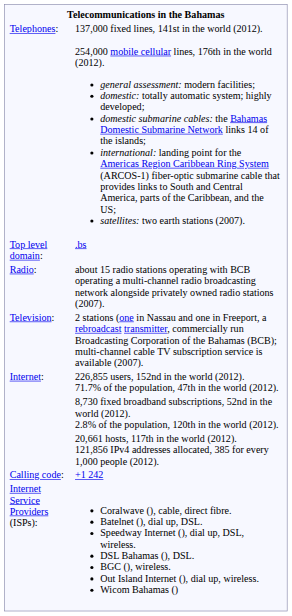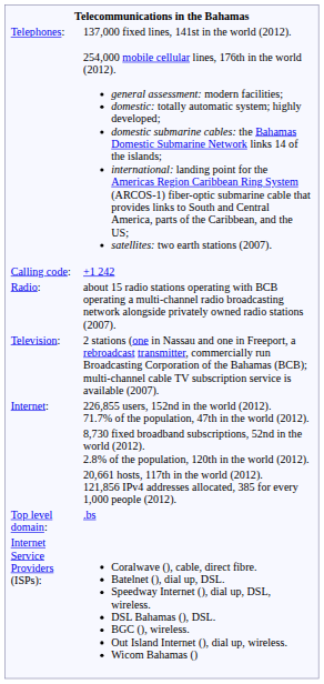 <table style="width:450px; border:1px solid #8888aa; background:#f7f8ff; padding:5px; ">
 <tr>
 <th colspan=2>Telecommunications in the Bahamas</th>
 </tr>
 <tr>
 <td valign="top"><a href='#'>Telephones</a>:</td>
 <td valign="top">137,000 fixed lines, 141st in the world (2012).<br><br>254,000 <a href='#'>mobile cellular</a> lines, 176th in the world (2012).<ul><li><em>general assessment:</em> modern facilities;</li><li><em>domestic:</em> totally automatic system; highly developed;</li><li><em>domestic submarine cables:</em> the <a href='#'>Bahamas Domestic Submarine Network</a> links 14 of the islands;</li><li><em>international:</em> landing point for the <a href='#'>Americas Region Caribbean Ring System</a> (ARCOS-1) fiber-optic submarine cable that provides links to South and Central America, parts of the Caribbean, and the US;</li><li><em>satellites:</em> two earth stations (2007).</li></ul></td>
 </tr>
 <tr>
-<td valign="top"><a href='#'>Top level domain</a>:</td>
-<td valign="top"><a href='#'>.bs</a></td>
+<td valign="top"><a href='#'>Calling code</a>:</td>
+<td valign="top"><a href='#'>+1 242</a></td>
 </tr>
 <tr>
 <td valign="top"><a href='#'>Radio</a>:</td>
 <td valign="top">about 15 radio stations operating with BCB operating a multi-channel radio broadcasting network alongside privately owned radio stations (2007).</td>
 </tr>
 <tr>
 <td valign="top"><a href='#'>Television</a>:</td>
 <td valign="top">2 stations (<a href='#'>one</a> in Nassau and one in Freeport, a <a href='#'>rebroadcast</a> <a href='#'>transmitter</a>, commercially run Broadcasting Corporation of the Bahamas (BCB); multi-channel cable TV subscription service is available (2007).</td>
 </tr>
 <tr>
 <td valign="top"><a href='#'>Internet</a>:</td>
 <td valign="top">226,855 users, 152nd in the world  (2012).<br>71.7% of the population, 47th in the world  (2012).</td>
 </tr>
 <tr>
 <td> </td>
 <td>8,730 fixed broadband subscriptions, 52nd in the world (2012).<br>2.8% of the population, 120th in the world (2012).</td>
 </tr>
 <tr>
 <td> </td>
 <td>20,661 hosts, 117th in the world (2012).<br>121,856 IPv4 addresses allocated, 385 for every 1,000 people (2012).</td>
 </tr>
 <tr>
-<td valign="top"><a href='#'>Calling code</a>:</td>
-<td valign="top"><a href='#'>+1 242</a></td>
+<td valign="top"><a href='#'>Top level domain</a>:</td>
+<td valign="top"><a href='#'>.bs</a></td>
 </tr>
 <tr>
 <td valign="top"><a href='#'>Internet Service Providers</a> (ISPs):</td>
 <td valign="top"><br><ul><li>Coralwave (), cable, direct fibre.</li><li>Batelnet (), dial up, DSL.</li><li>Speedway Internet (), dial up, DSL, wireless.</li><li>DSL Bahamas (), DSL.</li><li>BGC (), wireless.</li><li>Out Island Internet (), dial up, wireless.</li><li>Wicom Bahamas ()</li></ul></td>
 </tr>
 </table>
